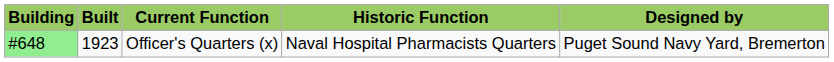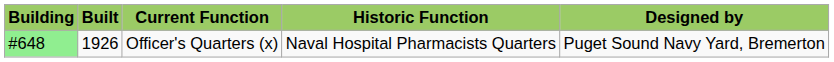 <table class="wikitable">
 <tr>
 <th style="background:#9BCB65">Building</th>
 <th style="background:#9BCB65">Built</th>
 <th style="background:#9BCB65">Current Function</th>
 <th style="background:#9BCB65">Historic Function</th>
 <th style="background:#9BCB65">Designed by</th>
 </tr>
 <tr>
 <td style="background: lightgreen;">#648</td>
-<td>1923</td>
+<td>1926</td>
 <td>Officer's Quarters (x)</td>
 <td>Naval Hospital Pharmacists Quarters</td>
 <td>Puget Sound Navy Yard, Bremerton</td>
 </tr>
 </table>
